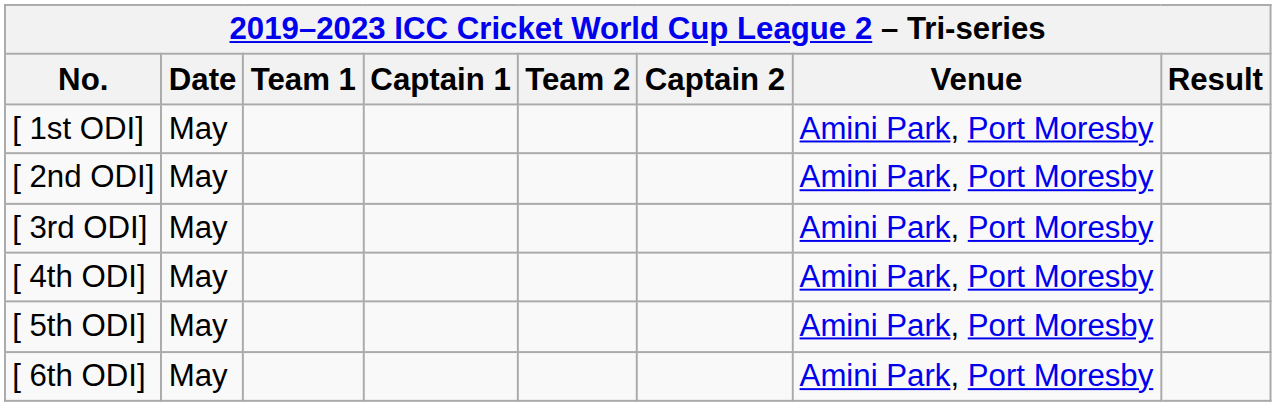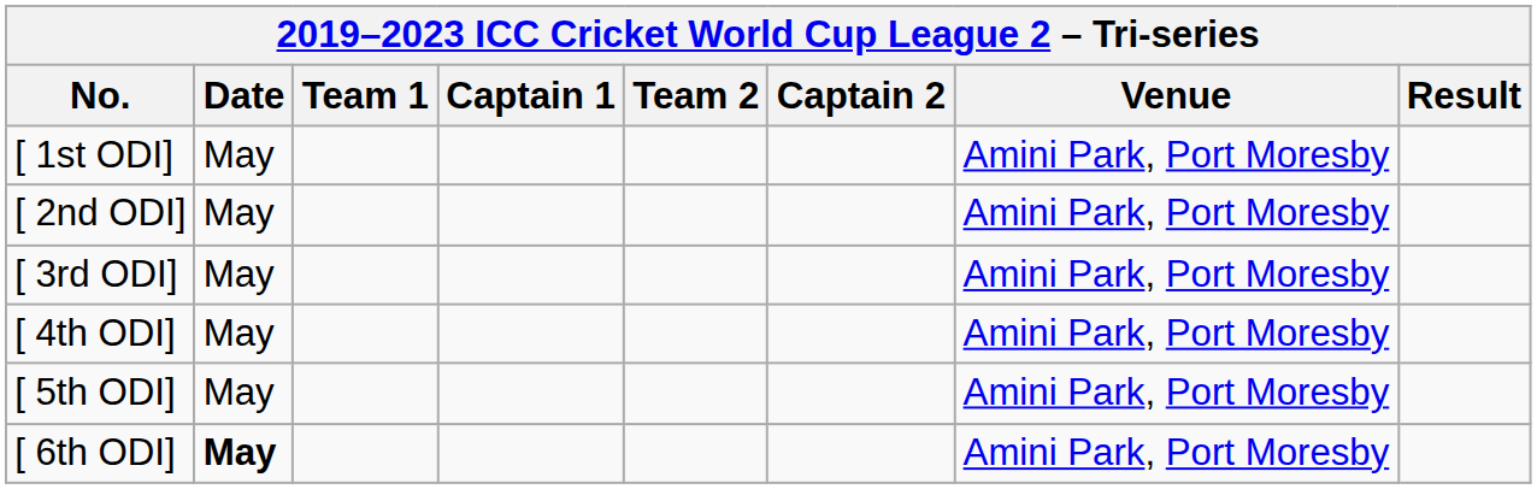 <table class="wikitable">
 <tr>
 <th colspan="9"><a href='#'>2019–2023 ICC Cricket World Cup League 2</a> – Tri-series</th>
 </tr>
 <tr>
 <th>No.</th>
 <th>Date</th>
 <th>Team 1</th>
 <th>Captain 1</th>
 <th>Team 2</th>
 <th>Captain 2</th>
 <th>Venue</th>
 <th>Result</th>
 </tr>
 <tr>
 <td>[ 1st ODI]</td>
 <td>May</td>
 <td></td>
 <td></td>
 <td></td>
 <td></td>
 <td><a href='#'>Amini Park</a>, <a href='#'>Port Moresby</a></td>
 <td></td>
 </tr>
 <tr>
 <td>[ 2nd ODI]</td>
 <td>May</td>
 <td></td>
 <td></td>
 <td></td>
 <td></td>
 <td><a href='#'>Amini Park</a>, <a href='#'>Port Moresby</a></td>
 <td></td>
 </tr>
 <tr>
 <td>[ 3rd ODI]</td>
 <td>May</td>
 <td></td>
 <td></td>
 <td></td>
 <td></td>
 <td><a href='#'>Amini Park</a>, <a href='#'>Port Moresby</a></td>
 <td></td>
 </tr>
 <tr>
 <td>[ 4th ODI]</td>
 <td>May</td>
 <td></td>
 <td></td>
 <td></td>
 <td></td>
 <td><a href='#'>Amini Park</a>, <a href='#'>Port Moresby</a></td>
 <td></td>
 </tr>
 <tr>
 <td>[ 5th ODI]</td>
 <td>May</td>
 <td></td>
 <td></td>
 <td></td>
 <td></td>
 <td><a href='#'>Amini Park</a>, <a href='#'>Port Moresby</a></td>
 <td></td>
 </tr>
 <tr>
 <td>[ 6th ODI]</td>
-<td>May</td>
+<td><strong>May</strong></td>
 <td></td>
 <td></td>
 <td></td>
 <td></td>
 <td><a href='#'>Amini Park</a>, <a href='#'>Port Moresby</a></td>
 <td></td>
 </tr>
 </table>
